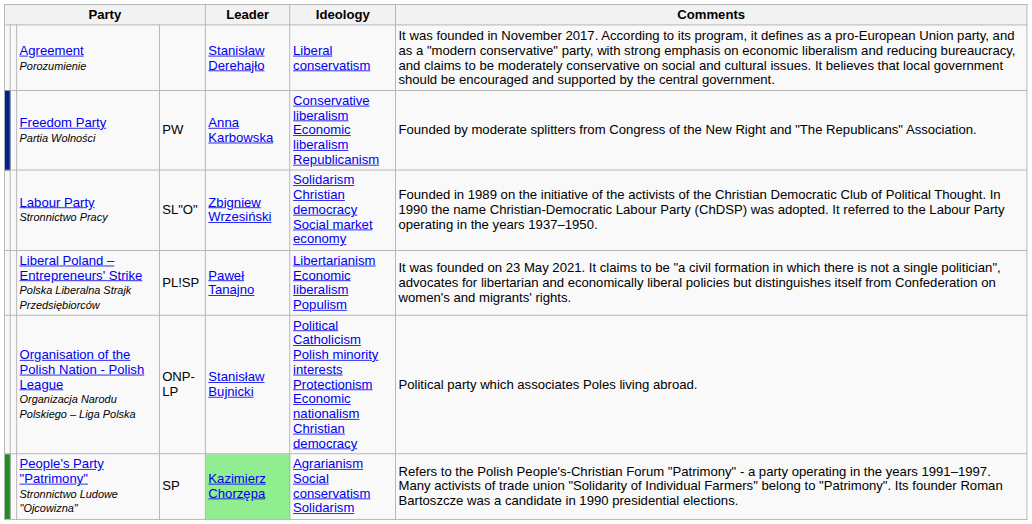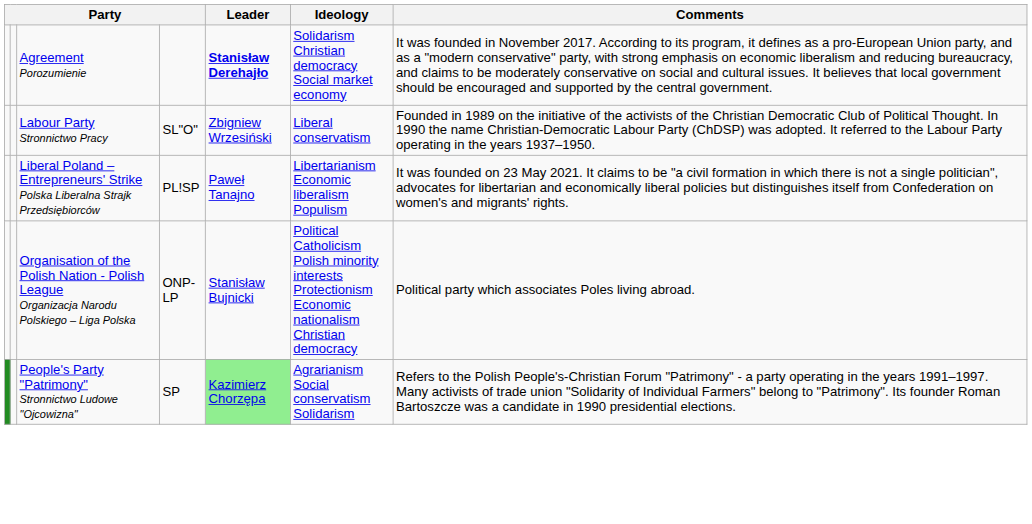 <table class="wikitable sortable">
 <tr>
 <th colspan=4>Party</th>
 <th>Leader</th>
 <th>Ideology</th>
 <th>Comments</th>
 </tr>
 <tr>
 <td></td>
 <td></td>
 <td><a href='#'>Agreement</a><br><small><em>Porozumienie</em></small></td>
 <td></td>
-<td><a href='#'>Stanisław Derehajło</a></td>
-<td><a href='#'>Liberal conservatism</a></td>
+<td><strong><a href='#'>Stanisław Derehajło</a></strong></td>
+<td><a href='#'>Solidarism</a><br><a href='#'>Christian democracy</a><br><a href='#'>Social market economy</a></td>
 <td>It was founded in November 2017. According to its program, it defines as a pro-European Union party, and as a "modern conservative" party, with strong emphasis on economic liberalism and reducing bureaucracy, and claims to be moderately conservative on social and cultural issues. It believes that local government should be encouraged and supported by the central government.</td>
-</tr>
-<tr>
-<td bgcolor="#002387"></td>
-<td></td>
-<td><a href='#'>Freedom Party</a><br><small><em>Partia Wolności</em><br></small></td>
-<td>PW</td>
-<td><a href='#'>Anna Karbowska</a></td>
-<td><a href='#'>Conservative liberalism</a><br><a href='#'>Economic liberalism</a><br><a href='#'>Republicanism</a></td>
-<td>Founded by moderate splitters from Congress of the New Right and "The Republicans" Association.</td>
 </tr>
 <tr>
 <td></td>
 <td></td>
 <td><a href='#'>Labour Party</a><br><small><em>Stronnictwo Pracy</em><br></small></td>
 <td>SL"O"</td>
 <td><a href='#'>Zbigniew Wrzesiński</a></td>
-<td><a href='#'>Solidarism</a><br><a href='#'>Christian democracy</a><br><a href='#'>Social market economy</a></td>
+<td><a href='#'>Liberal conservatism</a></td>
 <td>Founded in 1989 on the initiative of the activists of the Christian Democratic Club of Political Thought. In 1990 the name Christian-Democratic Labour Party (ChDSP) was adopted. It referred to the Labour Party operating in the years 1937–1950.</td>
 </tr>
 <tr>
 <td></td>
 <td></td>
 <td><a href='#'>Liberal Poland – Entrepreneurs' Strike</a><br><small><em>Polska Liberalna Strajk Przedsiębiorców</em></small></td>
 <td>PL!SP</td>
 <td><a href='#'>Paweł Tanajno</a></td>
 <td><a href='#'>Libertarianism</a><br><a href='#'>Economic liberalism</a><br><a href='#'>Populism</a></td>
 <td>It was founded on 23 May 2021. It claims to be "a civil formation in which there is not a single politician", advocates for libertarian and economically liberal policies but distinguishes itself from Confederation on women's and migrants' rights.</td>
 </tr>
 <tr>
 <td></td>
 <td></td>
 <td><a href='#'>Organisation of the Polish Nation - Polish League</a><br><small><em>Organizacja Narodu Polskiego – Liga Polska</em><br></small></td>
 <td>ONP-LP</td>
 <td><a href='#'>Stanisław Bujnicki</a></td>
 <td><a href='#'>Political Catholicism</a><br><a href='#'>Polish minority interests</a><br><a href='#'>Protectionism</a><br><a href='#'>Economic nationalism</a><br><a href='#'>Christian democracy</a></td>
 <td>Political party which associates Poles living abroad.</td>
 </tr>
 <tr>
 <td bgcolor="#228B22"></td>
 <td></td>
 <td><a href='#'>People's Party "Patrimony"</a><br><small><em>Stronnictwo Ludowe "Ojcowizna"</em><br></small></td>
 <td>SP</td>
 <td style="background: lightgreen;"><a href='#'>Kazimierz Chorzępa</a></td>
 <td><a href='#'>Agrarianism</a><br><a href='#'>Social conservatism</a><br><a href='#'>Solidarism</a></td>
 <td>Refers to the Polish People's-Christian Forum "Patrimony" - a party operating in the years 1991–1997. Many activists of trade union "Solidarity of Individual Farmers" belong to "Patrimony". Its founder Roman Bartoszcze was a candidate in 1990 presidential elections.</td>
 </tr>
 </table>
